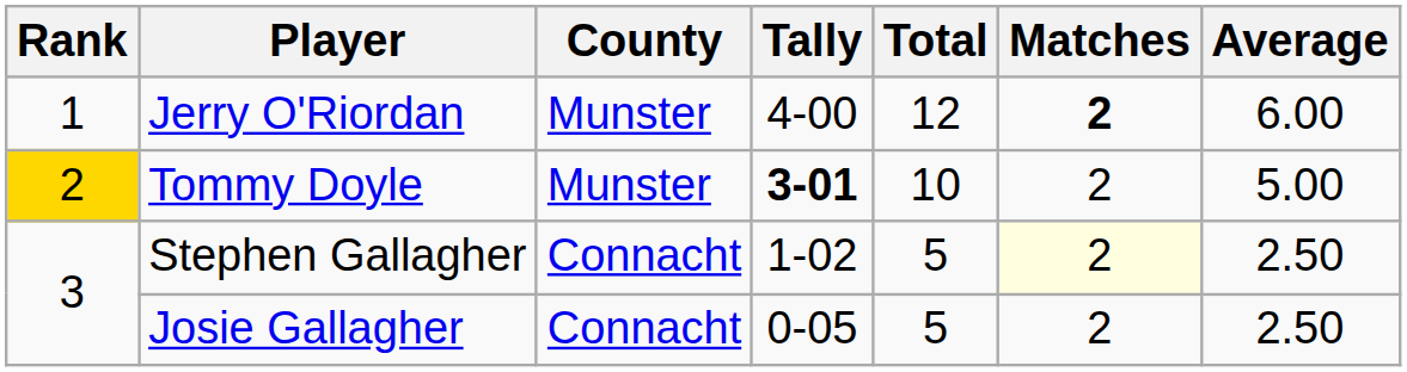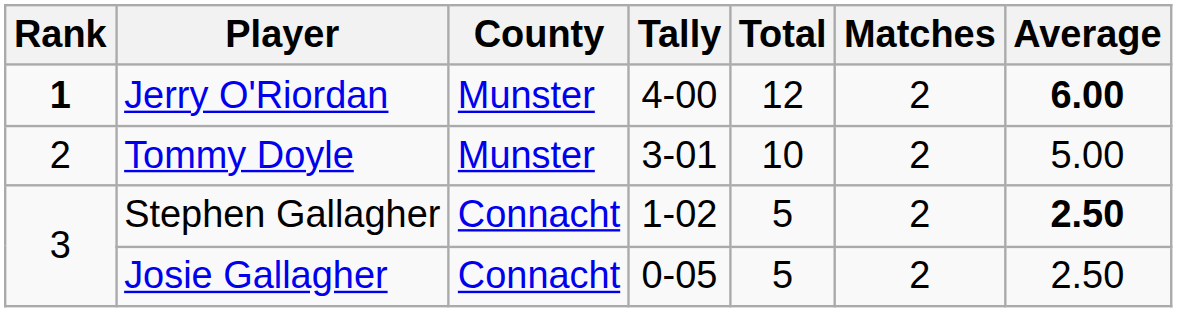 <table class="wikitable">
 <tr>
 <th>Rank</th>
 <th>Player</th>
 <th>County</th>
 <th>Tally</th>
 <th>Total</th>
 <th>Matches</th>
 <th>Average</th>
 </tr>
 <tr>
-<td rowspan=1 align=center>1</td>
+<td rowspan=1 align=center><strong>1</strong></td>
 <td><a href='#'>Jerry O'Riordan</a></td>
 <td><a href='#'>Munster</a></td>
 <td align=center>4-00</td>
 <td align=center>12</td>
-<td align=center><strong>2</strong></td>
-<td align=center>6.00</td>
+<td align=center>2</td>
+<td align=center><strong>6.00</strong></td>
 </tr>
 <tr>
-<td rowspan=1 align=center style="background: gold;">2</td>
+<td rowspan=1 align=center>2</td>
 <td><a href='#'>Tommy Doyle</a></td>
 <td><a href='#'>Munster</a></td>
-<td align=center><strong>3-01</strong></td>
+<td align=center>3-01</td>
 <td align=center>10</td>
 <td align=center>2</td>
 <td align=center>5.00</td>
 </tr>
 <tr>
 <td rowspan=2 align=center>3</td>
 <td>Stephen Gallagher</td>
 <td><a href='#'>Connacht</a></td>
 <td align=center>1-02</td>
 <td align=center>5</td>
-<td align=center style="background: lightyellow;">2</td>
-<td align=center>2.50</td>
+<td align=center>2</td>
+<td align=center><strong>2.50</strong></td>
 </tr>
 <tr>
 <td><a href='#'>Josie Gallagher</a></td>
 <td><a href='#'>Connacht</a></td>
 <td align=center>0-05</td>
 <td align=center>5</td>
 <td align=center>2</td>
 <td align=center>2.50</td>
 </tr>
 </table>
